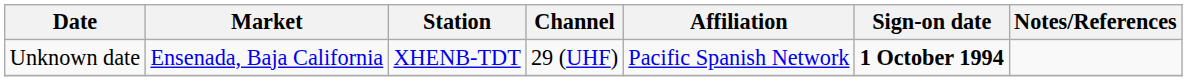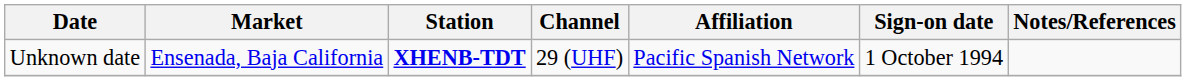 <table class="wikitable">
 <tr>
 <th>Date</th>
 <th>Market</th>
 <th>Station</th>
 <th>Channel</th>
 <th>Affiliation</th>
 <th>Sign-on date</th>
 <th>Notes/References</th>
 </tr>
 <tr>
 <td>Unknown date</td>
 <td><a href='#'>Ensenada, Baja California</a></td>
-<td><a href='#'>XHENB-TDT</a></td>
+<td><strong><a href='#'>XHENB-TDT</a></strong></td>
 <td>29 (<a href='#'>UHF</a>)</td>
 <td><a href='#'>Pacific Spanish Network</a></td>
-<td><strong>1 October 1994</strong></td>
+<td>1 October 1994</td>
 <td></td>
 </tr>
 <tr>
 </tr>
 </table>
